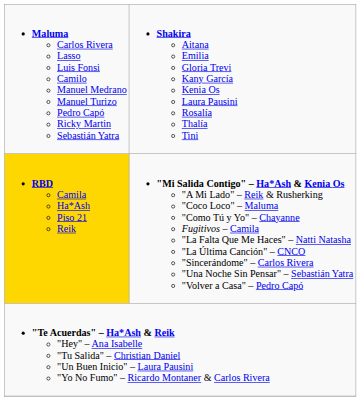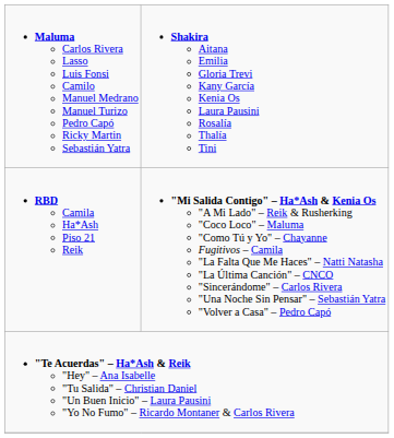 <table class="wikitable">
 <tr>
 <td valign="top"><br><ul><li><strong><a href='#'>Maluma</a></strong><ul><li><a href='#'>Carlos Rivera</a></li><li><a href='#'>Lasso</a></li><li><a href='#'>Luis Fonsi</a></li><li><a href='#'>Camilo</a></li><li><a href='#'>Manuel Medrano</a></li><li><a href='#'>Manuel Turizo</a></li><li><a href='#'>Pedro Capó</a></li><li><a href='#'>Ricky Martin</a></li><li><a href='#'>Sebastián Yatra</a></li></ul></li></ul></td>
 <td valign="top"><br><ul><li><strong><a href='#'>Shakira</a></strong><ul><li><a href='#'>Aitana</a></li><li><a href='#'>Emilia</a></li><li><a href='#'>Gloria Trevi</a></li><li><a href='#'>Kany García</a></li><li><a href='#'>Kenia Os</a></li><li><a href='#'>Laura Pausini</a></li><li><a href='#'>Rosalía</a></li><li><a href='#'>Thalía</a></li><li><a href='#'>Tini</a></li></ul></li></ul></td>
 </tr>
 <tr>
-<td valign="top" style="background: gold;"><br><ul><li><strong><a href='#'>RBD</a></strong><ul><li><a href='#'>Camila</a></li><li><a href='#'>Ha*Ash</a></li><li><a href='#'>Piso 21</a></li><li><a href='#'>Reik</a></li></ul></li></ul></td>
+<td valign="top"><br><ul><li><strong><a href='#'>RBD</a></strong><ul><li><a href='#'>Camila</a></li><li><a href='#'>Ha*Ash</a></li><li><a href='#'>Piso 21</a></li><li><a href='#'>Reik</a></li></ul></li></ul></td>
 <td valign="top"><br><ul><li><strong>"Mi Salida Contigo" – <a href='#'>Ha*Ash</a> & <a href='#'>Kenia Os</a></strong><ul><li>"A Mi Lado" – <a href='#'>Reik</a> & Rusherking</li><li>"Coco Loco" – <a href='#'>Maluma</a></li><li>"Como Tú y Yo" – <a href='#'>Chayanne</a></li><li><em>Fugitivos</em> – <a href='#'>Camila</a></li><li>"La Falta Que Me Haces" – <a href='#'>Natti Natasha</a></li><li>"La Última Canción" – <a href='#'>CNCO</a></li><li>"Sincerándome" – <a href='#'>Carlos Rivera</a></li><li>"Una Noche Sin Pensar" – <a href='#'>Sebastián Yatra</a></li><li>"Volver a Casa" – <a href='#'>Pedro Capó</a></li></ul></li></ul></td>
 </tr>
 <tr>
 <td colspan="2" valign="top"><br><ul><li><strong>"Te Acuerdas" – <a href='#'>Ha*Ash</a> & <a href='#'>Reik</a></strong><ul><li>"Hey" – <a href='#'>Ana Isabelle</a></li><li>"Tu Salida" – <a href='#'>Christian Daniel</a></li><li>"Un Buen Inicio" – <a href='#'>Laura Pausini</a></li><li>"Yo No Fumo" – <a href='#'>Ricardo Montaner</a> & <a href='#'>Carlos Rivera</a></li></ul></li></ul></td>
 </tr>
 <tr>
 </tr>
 </table>
